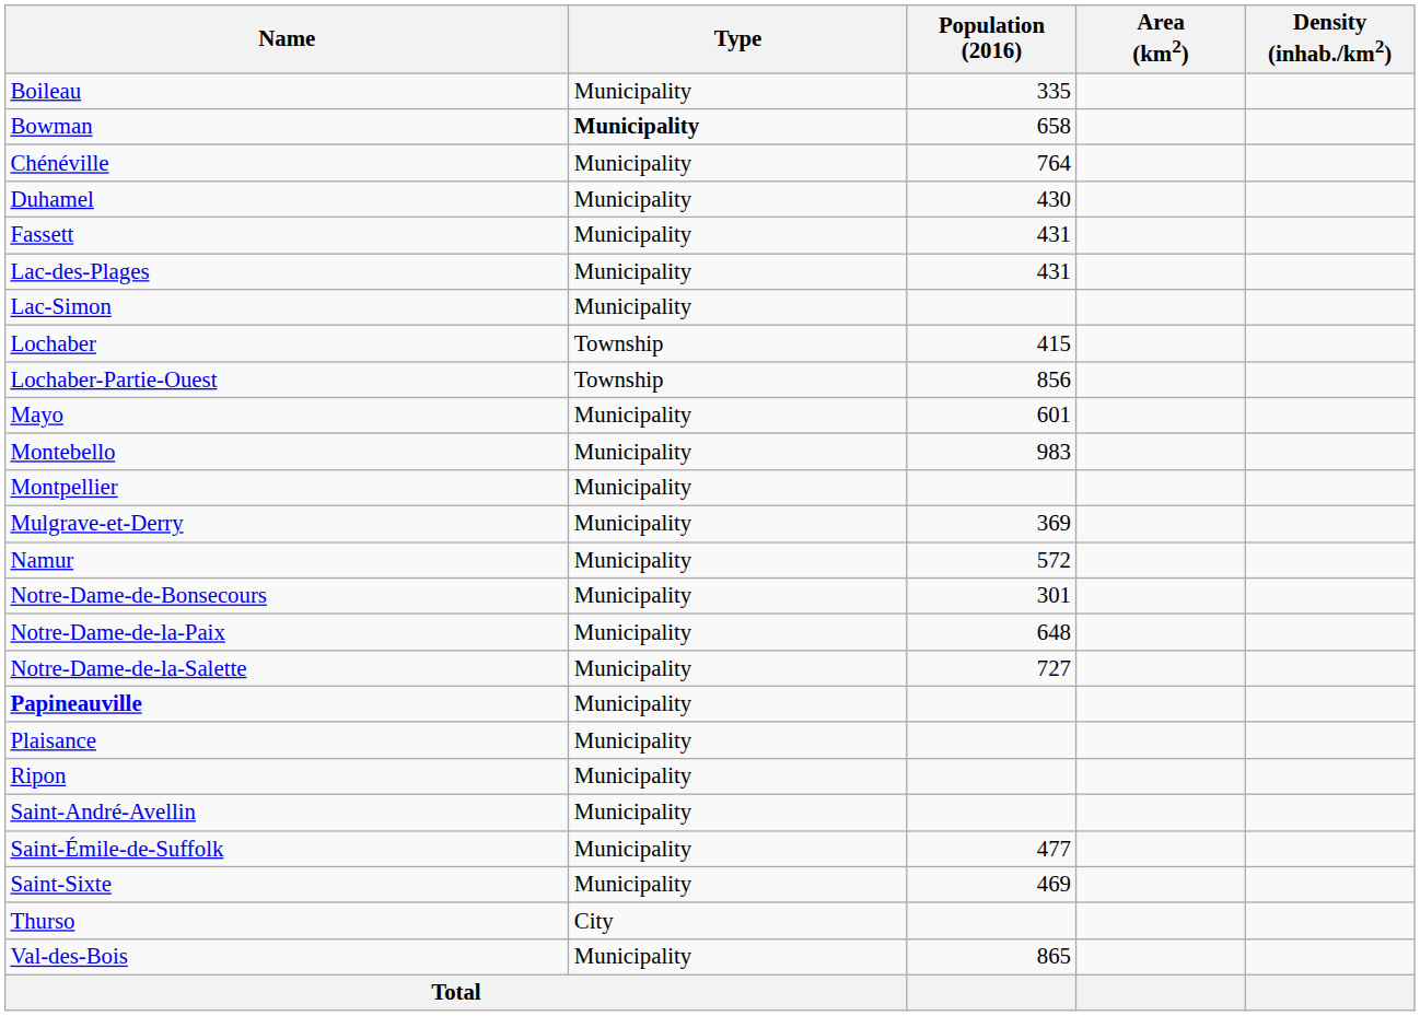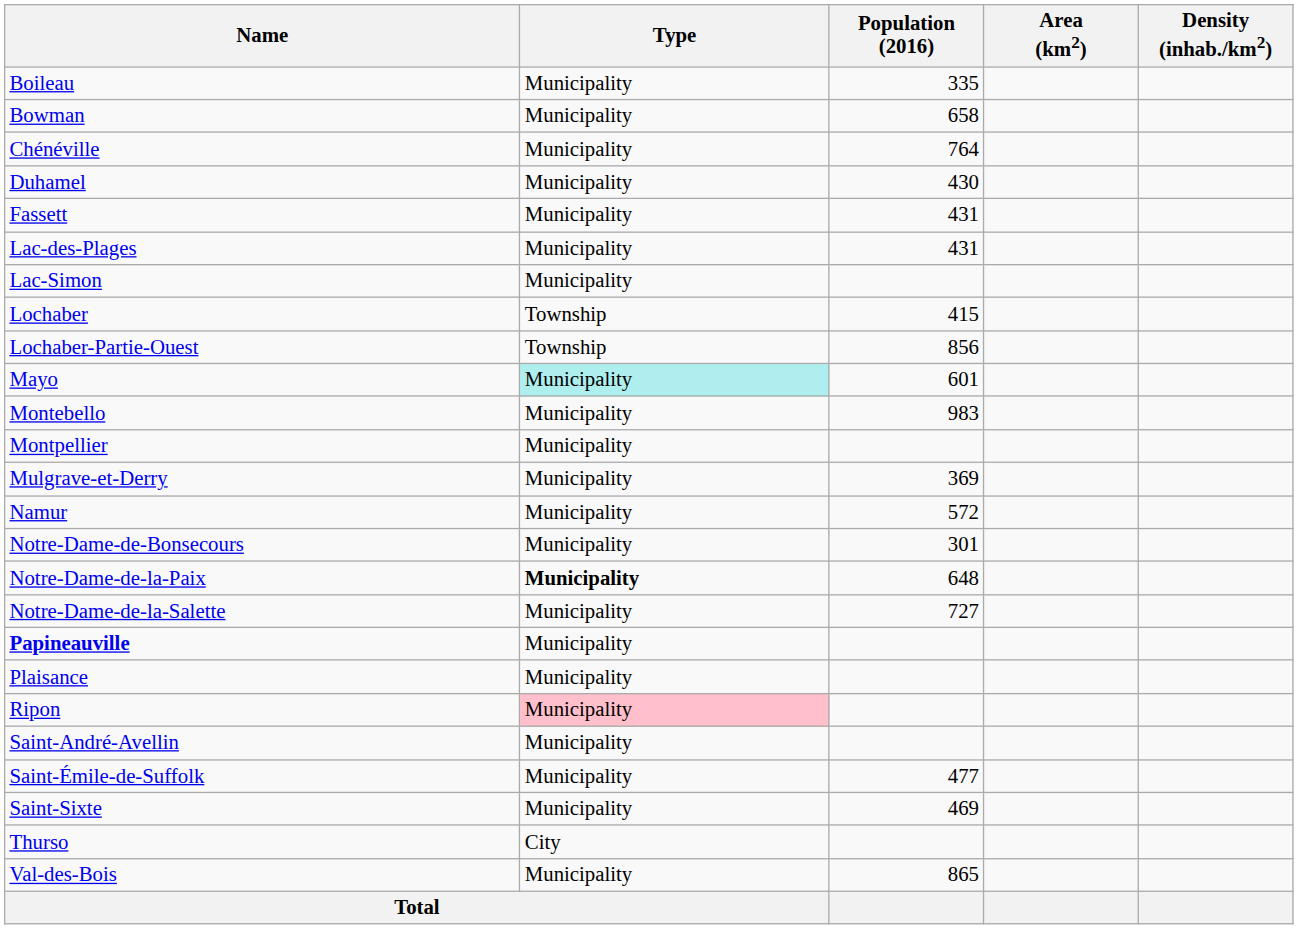 <table class="wikitable alternance centre" width="50%">
 <tr>
 <th scope="col" width="40%">Name</th>
 <th scope="col" width="24%">Type</th>
 <th scope="col" width="12%">Population<br>(2016)</th>
 <th scope="col" width="12%">Area<br>(km<sup>2</sup>)</th>
 <th scope="col" width="12%">Density<br>(inhab./km<sup>2</sup>)</th>
 </tr>
 <tr --->
 <td align="left"><a href='#'>Boileau</a></td>
 <td align="left">Municipality</td>
 <td align="right">335</td>
 <td align="right"></td>
 <td align="right"></td>
 </tr>
 <tr --->
 <td align="left"><a href='#'>Bowman</a></td>
-<td align="left"><strong>Municipality</strong></td>
+<td align="left">Municipality</td>
 <td align="right">658</td>
 <td align="right"></td>
 <td align="right"></td>
 </tr>
 <tr --->
 <td align="left"><a href='#'>Chénéville</a></td>
 <td align="left">Municipality</td>
 <td align="right">764</td>
 <td align="right"></td>
 <td align="right"></td>
 </tr>
 <tr --->
 <td align="left"><a href='#'>Duhamel</a></td>
 <td align="left">Municipality</td>
 <td align="right">430</td>
 <td align="right"></td>
 <td align="right"></td>
 </tr>
 <tr --->
 <td align="left"><a href='#'>Fassett</a></td>
 <td align="left">Municipality</td>
 <td align="right">431</td>
 <td align="right"></td>
 <td align="right"></td>
 </tr>
 <tr --->
 <td align="left"><a href='#'>Lac-des-Plages</a></td>
 <td align="left">Municipality</td>
 <td align="right">431</td>
 <td align="right"></td>
 <td align="right"></td>
 </tr>
 <tr --->
 <td align="left"><a href='#'>Lac-Simon</a></td>
 <td align="left">Municipality</td>
 <td align="right"></td>
 <td align="right"></td>
 <td align="right"></td>
 </tr>
 <tr --->
 <td align="left"><a href='#'>Lochaber</a></td>
 <td align="left">Township</td>
 <td align="right">415</td>
 <td align="right"></td>
 <td align="right"></td>
 </tr>
 <tr --->
 <td align="left"><a href='#'>Lochaber-Partie-Ouest</a></td>
 <td align="left">Township</td>
 <td align="right">856</td>
 <td align="right"></td>
 <td align="right"></td>
 </tr>
 <tr --->
 <td align="left"><a href='#'>Mayo</a></td>
-<td align="left">Municipality</td>
+<td align="left" style="background: paleturquoise;">Municipality</td>
 <td align="right">601</td>
 <td align="right"></td>
 <td align="right"></td>
 </tr>
 <tr --->
 <td align="left"><a href='#'>Montebello</a></td>
 <td align="left">Municipality</td>
 <td align="right">983</td>
 <td align="right"></td>
 <td align="right"></td>
 </tr>
 <tr --->
 <td align="left"><a href='#'>Montpellier</a></td>
 <td align="left">Municipality</td>
 <td align="right"></td>
 <td align="right"></td>
 <td align="right"></td>
 </tr>
 <tr --->
 <td align="left"><a href='#'>Mulgrave-et-Derry</a></td>
 <td align="left">Municipality</td>
 <td align="right">369</td>
 <td align="right"></td>
 <td align="right"></td>
 </tr>
 <tr --->
 <td align="left"><a href='#'>Namur</a></td>
 <td align="left">Municipality</td>
 <td align="right">572</td>
 <td align="right"></td>
 <td align="right"></td>
 </tr>
 <tr --->
 <td align="left"><a href='#'>Notre-Dame-de-Bonsecours</a></td>
 <td align="left">Municipality</td>
 <td align="right">301</td>
 <td align="right"></td>
 <td align="right"></td>
 </tr>
 <tr --->
 <td align="left"><a href='#'>Notre-Dame-de-la-Paix</a></td>
-<td align="left">Municipality</td>
+<td align="left"><strong>Municipality</strong></td>
 <td align="right">648</td>
 <td align="right"></td>
 <td align="right"></td>
 </tr>
 <tr --->
 <td align="left"><a href='#'>Notre-Dame-de-la-Salette</a></td>
 <td align="left">Municipality</td>
 <td align="right">727</td>
 <td align="right"></td>
 <td align="right"></td>
 </tr>
 <tr --->
 <td align="left"><strong><a href='#'>Papineauville</a></strong></td>
 <td align="left">Municipality</td>
 <td align="right"></td>
 <td align="right"></td>
 <td align="right"></td>
 </tr>
 <tr --->
 <td align="left"><a href='#'>Plaisance</a></td>
 <td align="left">Municipality</td>
 <td align="right"></td>
 <td align="right"></td>
 <td align="right"></td>
 </tr>
 <tr --->
 <td align="left"><a href='#'>Ripon</a></td>
-<td align="left">Municipality</td>
+<td align="left" style="background: pink;">Municipality</td>
 <td align="right"></td>
 <td align="right"></td>
 <td align="right"></td>
 </tr>
 <tr --->
 <td align="left"><a href='#'>Saint-André-Avellin</a></td>
 <td align="left">Municipality</td>
 <td align="right"></td>
 <td align="right"></td>
 <td align="right"></td>
 </tr>
 <tr --->
 <td align="left"><a href='#'>Saint-Émile-de-Suffolk</a></td>
 <td align="left">Municipality</td>
 <td align="right">477</td>
 <td align="right"></td>
 <td align="right"></td>
 </tr>
 <tr --->
 <td align="left"><a href='#'>Saint-Sixte</a></td>
 <td align="left">Municipality</td>
 <td align="right">469</td>
 <td align="right"></td>
 <td align="right"></td>
 </tr>
 <tr --->
 <td align="left"><a href='#'>Thurso</a></td>
 <td align="left">City</td>
 <td align="right"></td>
 <td align="right"></td>
 <td align="right"></td>
 </tr>
 <tr --->
 <td align="left"><a href='#'>Val-des-Bois</a></td>
 <td align="left">Municipality</td>
 <td align="right">865</td>
 <td align="right"></td>
 <td align="right"></td>
 </tr>
 <tr --->
 <th colspan=2>Total</th>
 <th></th>
 <th></th>
 <th></th>
 </tr>
 </table>
